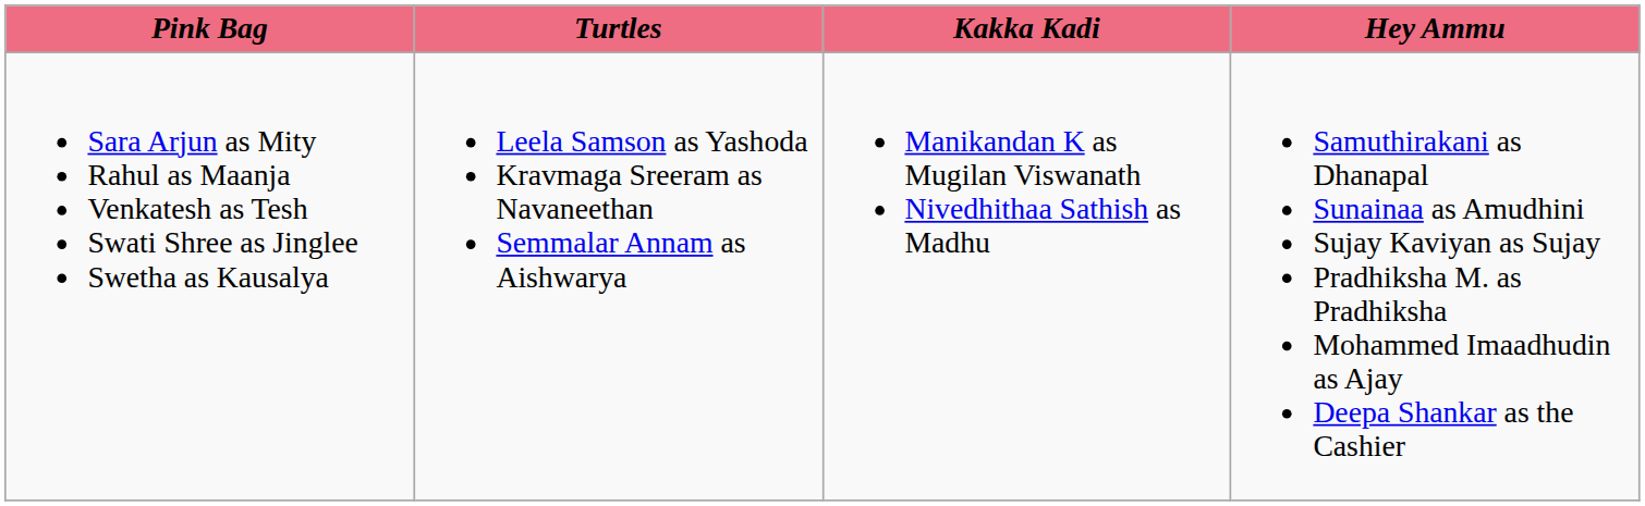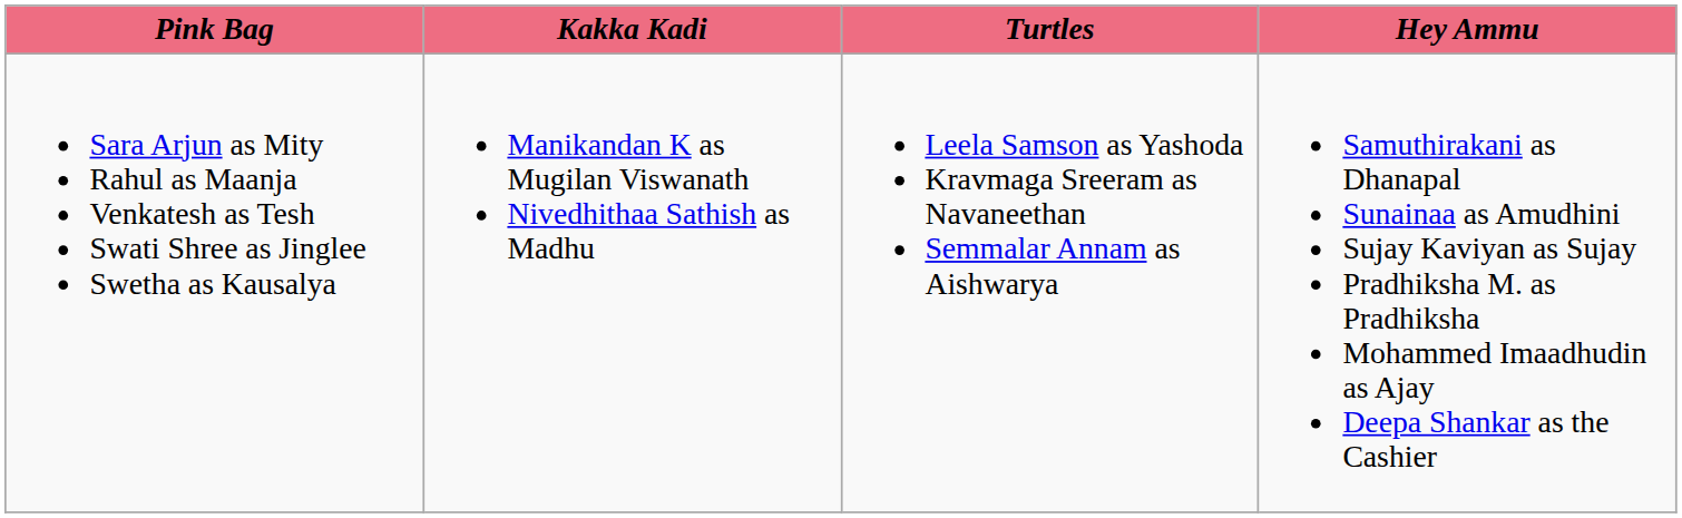 <table class=wikitable>
 <tr>
 <th style="background:#EE6D82; width:20%"><em>Pink Bag</em></th>
+<th style="background:#EE6D82; width:20%"><em>Kakka Kadi </em></th>
 <th style="background:#EE6D82; width:20%"><em>Turtles</em></th>
-<th style="background:#EE6D82; width:20%"><em>Kakka Kadi </em></th>
 <th style="background:#EE6D82; width:20%"><em>Hey Ammu</em></th>
 </tr>
 <tr>
 <td valign="top"><br><ul><li><a href='#'>Sara Arjun</a> as Mity</li><li>Rahul as Maanja</li><li>Venkatesh as Tesh</li><li>Swati Shree as Jinglee</li><li>Swetha as Kausalya</li></ul></td>
+<td valign="top"><br><ul><li><a href='#'>Manikandan K</a> as Mugilan Viswanath</li><li><a href='#'>Nivedhithaa Sathish</a> as Madhu</li></ul></td>
 <td valign="top"><br><ul><li><a href='#'>Leela Samson</a> as Yashoda</li><li>Kravmaga Sreeram as Navaneethan</li><li><a href='#'>Semmalar Annam</a> as Aishwarya</li></ul></td>
-<td valign="top"><br><ul><li><a href='#'>Manikandan K</a> as Mugilan Viswanath</li><li><a href='#'>Nivedhithaa Sathish</a> as Madhu</li></ul></td>
 <td valign="top"><br><ul><li><a href='#'>Samuthirakani</a> as Dhanapal</li><li><a href='#'>Sunainaa</a> as Amudhini</li><li>Sujay Kaviyan as Sujay</li><li>Pradhiksha M. as Pradhiksha</li><li>Mohammed Imaadhudin as Ajay</li><li><a href='#'>Deepa Shankar</a> as the Cashier</li></ul></td>
 </tr>
 </table>
